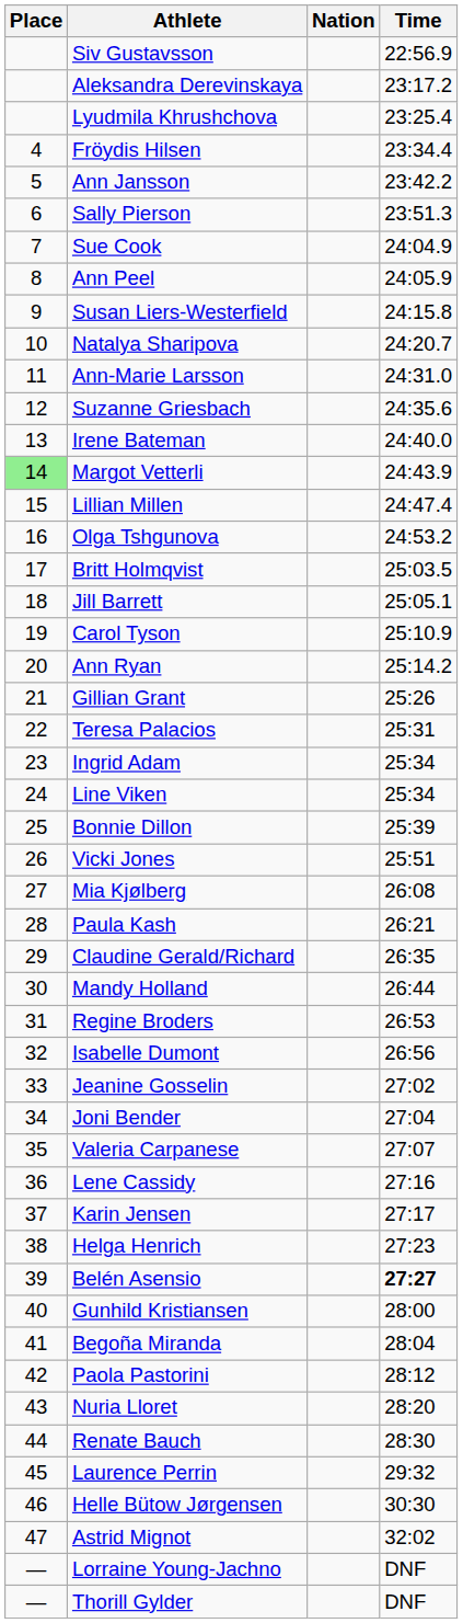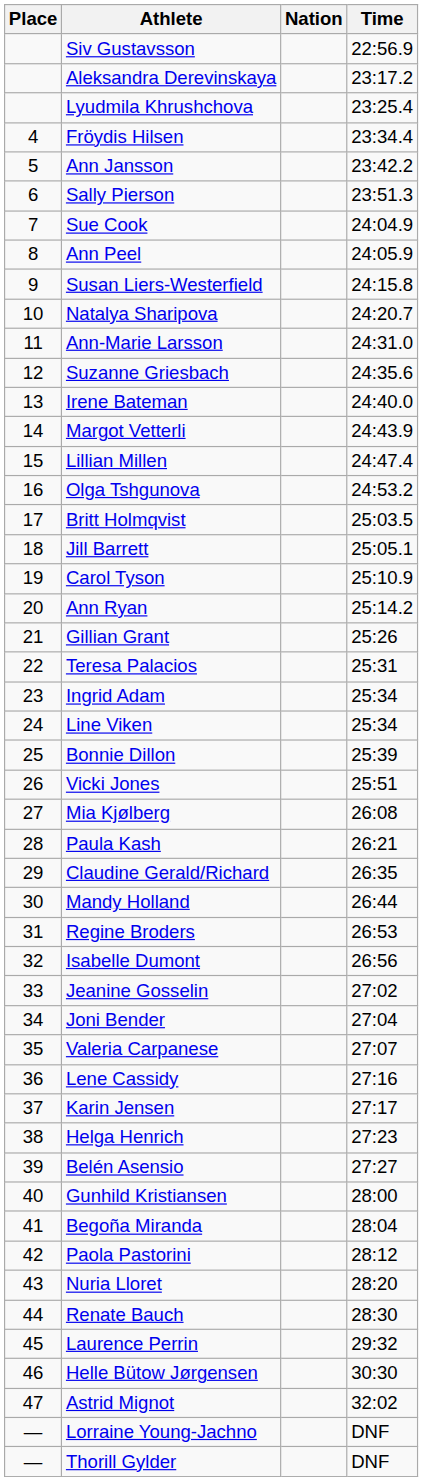 <table class=wikitable>
 <tr>
 <th>Place</th>
 <th>Athlete</th>
 <th>Nation</th>
 <th>Time</th>
 </tr>
 <tr>
 <td align=center></td>
 <td><a href='#'>Siv Gustavsson</a></td>
 <td></td>
 <td>22:56.9</td>
 </tr>
 <tr>
 <td align=center></td>
 <td><a href='#'>Aleksandra Derevinskaya</a></td>
 <td></td>
 <td>23:17.2</td>
 </tr>
 <tr>
 <td align=center></td>
 <td><a href='#'>Lyudmila Khrushchova</a></td>
 <td></td>
 <td>23:25.4</td>
 </tr>
 <tr>
 <td align=center>4</td>
 <td><a href='#'>Fröydis Hilsen</a></td>
 <td></td>
 <td>23:34.4</td>
 </tr>
 <tr>
 <td align=center>5</td>
 <td><a href='#'>Ann Jansson</a></td>
 <td></td>
 <td>23:42.2</td>
 </tr>
 <tr>
 <td align=center>6</td>
 <td><a href='#'>Sally Pierson</a></td>
 <td></td>
 <td>23:51.3</td>
 </tr>
 <tr>
 <td align=center>7</td>
 <td><a href='#'>Sue Cook</a></td>
 <td></td>
 <td>24:04.9</td>
 </tr>
 <tr>
 <td align=center>8</td>
 <td><a href='#'>Ann Peel</a></td>
 <td></td>
 <td>24:05.9</td>
 </tr>
 <tr>
 <td align=center>9</td>
 <td><a href='#'>Susan Liers-Westerfield</a></td>
 <td></td>
 <td>24:15.8</td>
 </tr>
 <tr>
 <td align=center>10</td>
 <td><a href='#'>Natalya Sharipova</a></td>
 <td></td>
 <td>24:20.7</td>
 </tr>
 <tr>
 <td align=center>11</td>
 <td><a href='#'>Ann-Marie Larsson</a></td>
 <td></td>
 <td>24:31.0</td>
 </tr>
 <tr>
 <td align=center>12</td>
 <td><a href='#'>Suzanne Griesbach</a></td>
 <td></td>
 <td>24:35.6</td>
 </tr>
 <tr>
 <td align=center>13</td>
 <td><a href='#'>Irene Bateman</a></td>
 <td></td>
 <td>24:40.0</td>
 </tr>
 <tr>
-<td align=center style="background: lightgreen;">14</td>
+<td align=center>14</td>
 <td><a href='#'>Margot Vetterli</a></td>
 <td></td>
 <td>24:43.9</td>
 </tr>
 <tr>
 <td align=center>15</td>
 <td><a href='#'>Lillian Millen</a></td>
 <td></td>
 <td>24:47.4</td>
 </tr>
 <tr>
 <td align=center>16</td>
 <td><a href='#'>Olga Tshgunova</a></td>
 <td></td>
 <td>24:53.2</td>
 </tr>
 <tr>
 <td align=center>17</td>
 <td><a href='#'>Britt Holmqvist</a></td>
 <td></td>
 <td>25:03.5</td>
 </tr>
 <tr>
 <td align=center>18</td>
 <td><a href='#'>Jill Barrett</a></td>
 <td></td>
 <td>25:05.1</td>
 </tr>
 <tr>
 <td align=center>19</td>
 <td><a href='#'>Carol Tyson</a></td>
 <td></td>
 <td>25:10.9</td>
 </tr>
 <tr>
 <td align=center>20</td>
 <td><a href='#'>Ann Ryan</a></td>
 <td></td>
 <td>25:14.2</td>
 </tr>
 <tr>
 <td align=center>21</td>
 <td><a href='#'>Gillian Grant</a></td>
 <td></td>
 <td>25:26</td>
 </tr>
 <tr>
 <td align=center>22</td>
 <td><a href='#'>Teresa Palacios</a></td>
 <td></td>
 <td>25:31</td>
 </tr>
 <tr>
 <td align=center>23</td>
 <td><a href='#'>Ingrid Adam</a></td>
 <td></td>
 <td>25:34</td>
 </tr>
 <tr>
 <td align=center>24</td>
 <td><a href='#'>Line Viken</a></td>
 <td></td>
 <td>25:34</td>
 </tr>
 <tr>
 <td align=center>25</td>
 <td><a href='#'>Bonnie Dillon</a></td>
 <td></td>
 <td>25:39</td>
 </tr>
 <tr>
 <td align=center>26</td>
 <td><a href='#'>Vicki Jones</a></td>
 <td></td>
 <td>25:51</td>
 </tr>
 <tr>
 <td align=center>27</td>
 <td><a href='#'>Mia Kjølberg</a></td>
 <td></td>
 <td>26:08</td>
 </tr>
 <tr>
 <td align=center>28</td>
 <td><a href='#'>Paula Kash</a></td>
 <td></td>
 <td>26:21</td>
 </tr>
 <tr>
 <td align=center>29</td>
 <td><a href='#'>Claudine Gerald/Richard</a></td>
 <td></td>
 <td>26:35</td>
 </tr>
 <tr>
 <td align=center>30</td>
 <td><a href='#'>Mandy Holland</a></td>
 <td></td>
 <td>26:44</td>
 </tr>
 <tr>
 <td align=center>31</td>
 <td><a href='#'>Regine Broders</a></td>
 <td></td>
 <td>26:53</td>
 </tr>
 <tr>
 <td align=center>32</td>
 <td><a href='#'>Isabelle Dumont</a></td>
 <td></td>
 <td>26:56</td>
 </tr>
 <tr>
 <td align=center>33</td>
 <td><a href='#'>Jeanine Gosselin</a></td>
 <td></td>
 <td>27:02</td>
 </tr>
 <tr>
 <td align=center>34</td>
 <td><a href='#'>Joni Bender</a></td>
 <td></td>
 <td>27:04</td>
 </tr>
 <tr>
 <td align=center>35</td>
 <td><a href='#'>Valeria Carpanese</a></td>
 <td></td>
 <td>27:07</td>
 </tr>
 <tr>
 <td align=center>36</td>
 <td><a href='#'>Lene Cassidy</a></td>
 <td></td>
 <td>27:16</td>
 </tr>
 <tr>
 <td align=center>37</td>
 <td><a href='#'>Karin Jensen</a></td>
 <td></td>
 <td>27:17</td>
 </tr>
 <tr>
 <td align=center>38</td>
 <td><a href='#'>Helga Henrich</a></td>
 <td></td>
 <td>27:23</td>
 </tr>
 <tr>
 <td align=center>39</td>
 <td><a href='#'>Belén Asensio</a></td>
 <td></td>
-<td><strong>27:27</strong></td>
+<td>27:27</td>
 </tr>
 <tr>
 <td align=center>40</td>
 <td><a href='#'>Gunhild Kristiansen</a></td>
 <td></td>
 <td>28:00</td>
 </tr>
 <tr>
 <td align=center>41</td>
 <td><a href='#'>Begoña Miranda</a></td>
 <td></td>
 <td>28:04</td>
 </tr>
 <tr>
 <td align=center>42</td>
 <td><a href='#'>Paola Pastorini</a></td>
 <td></td>
 <td>28:12</td>
 </tr>
 <tr>
 <td align=center>43</td>
 <td><a href='#'>Nuria Lloret</a></td>
 <td></td>
 <td>28:20</td>
 </tr>
 <tr>
 <td align=center>44</td>
 <td><a href='#'>Renate Bauch</a></td>
 <td></td>
 <td>28:30</td>
 </tr>
 <tr>
 <td align=center>45</td>
 <td><a href='#'>Laurence Perrin</a></td>
 <td></td>
 <td>29:32</td>
 </tr>
 <tr>
 <td align=center>46</td>
 <td><a href='#'>Helle Bütow Jørgensen</a></td>
 <td></td>
 <td>30:30</td>
 </tr>
 <tr>
 <td align=center>47</td>
 <td><a href='#'>Astrid Mignot</a></td>
 <td></td>
 <td>32:02</td>
 </tr>
 <tr>
 <td align=center>—</td>
 <td><a href='#'>Lorraine Young-Jachno</a></td>
 <td></td>
 <td>DNF</td>
 </tr>
 <tr>
 <td align=center>—</td>
 <td><a href='#'>Thorill Gylder</a></td>
 <td></td>
 <td>DNF</td>
 </tr>
 </table>
